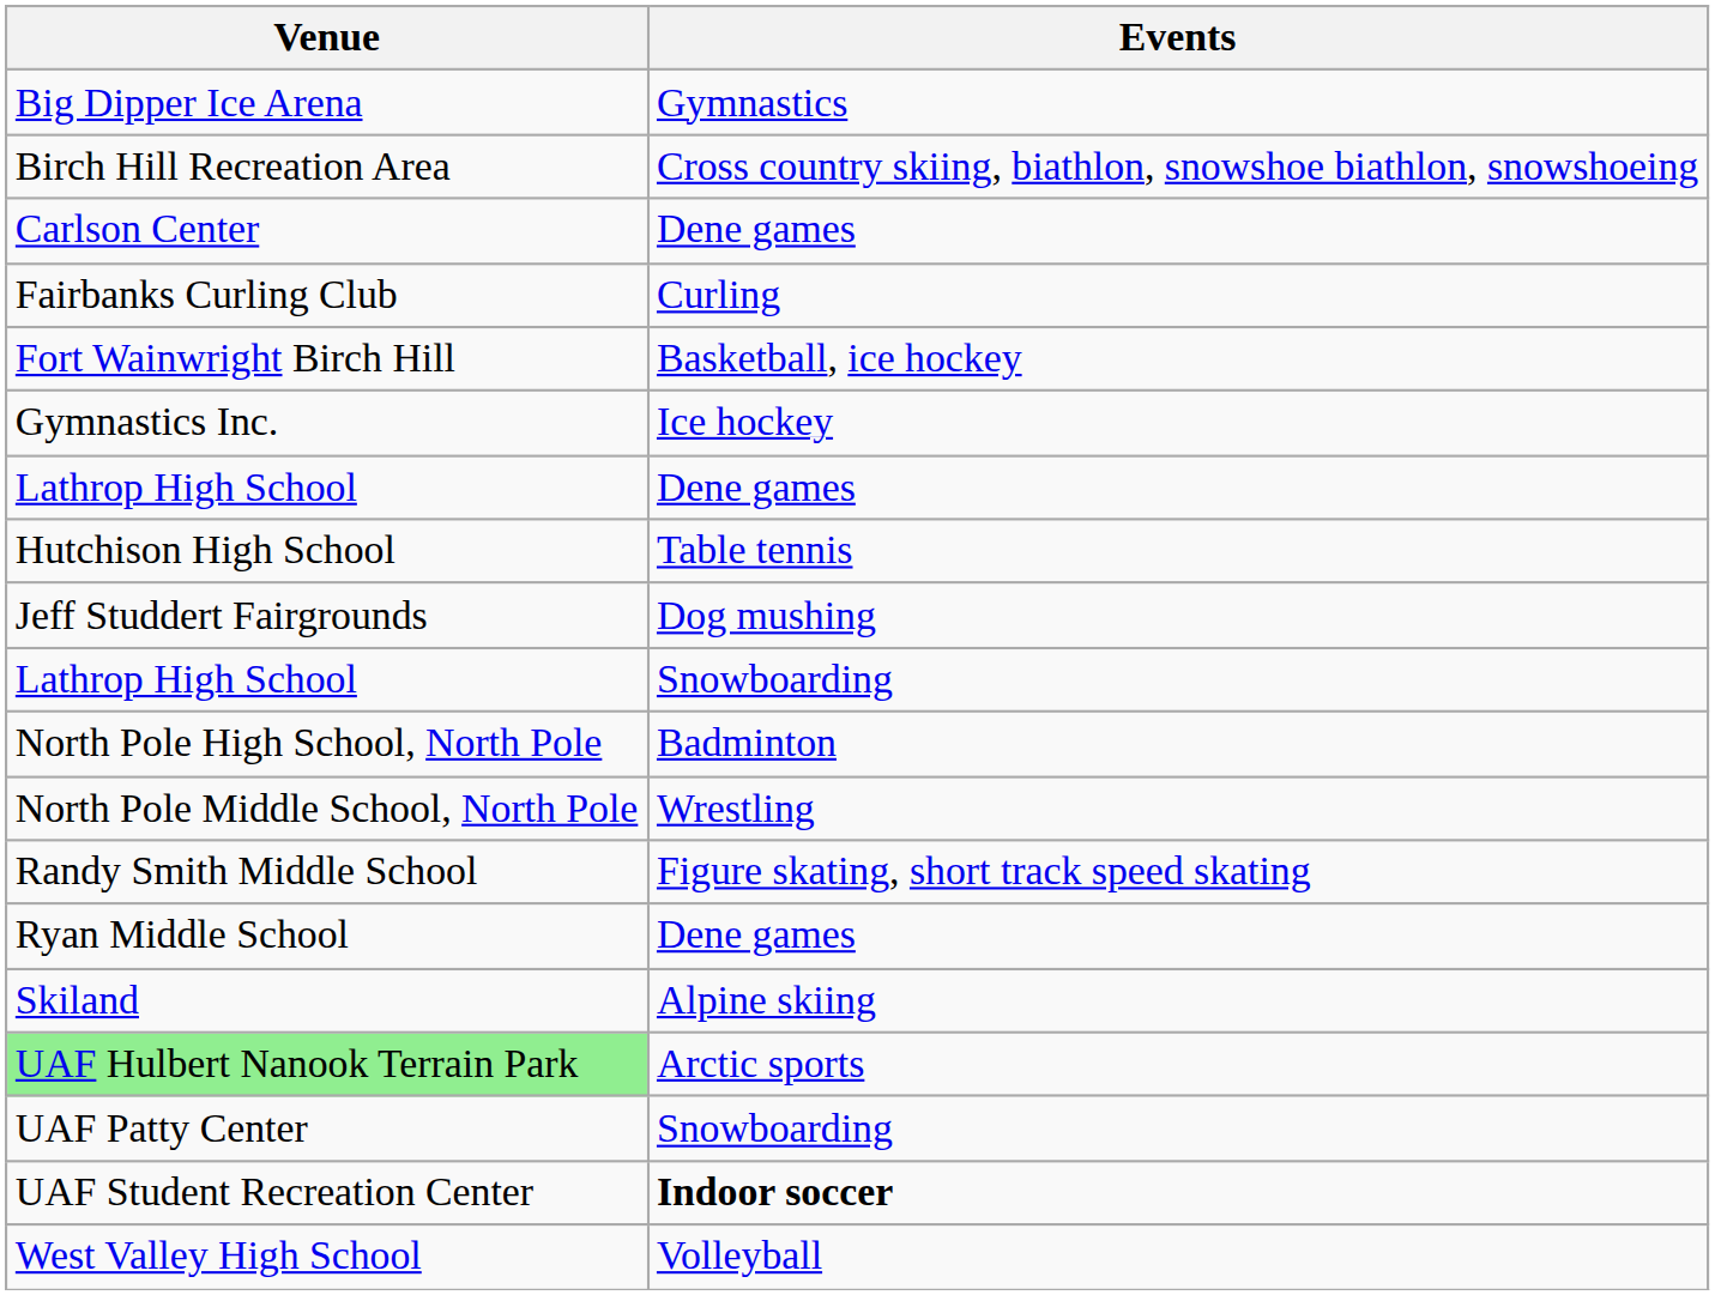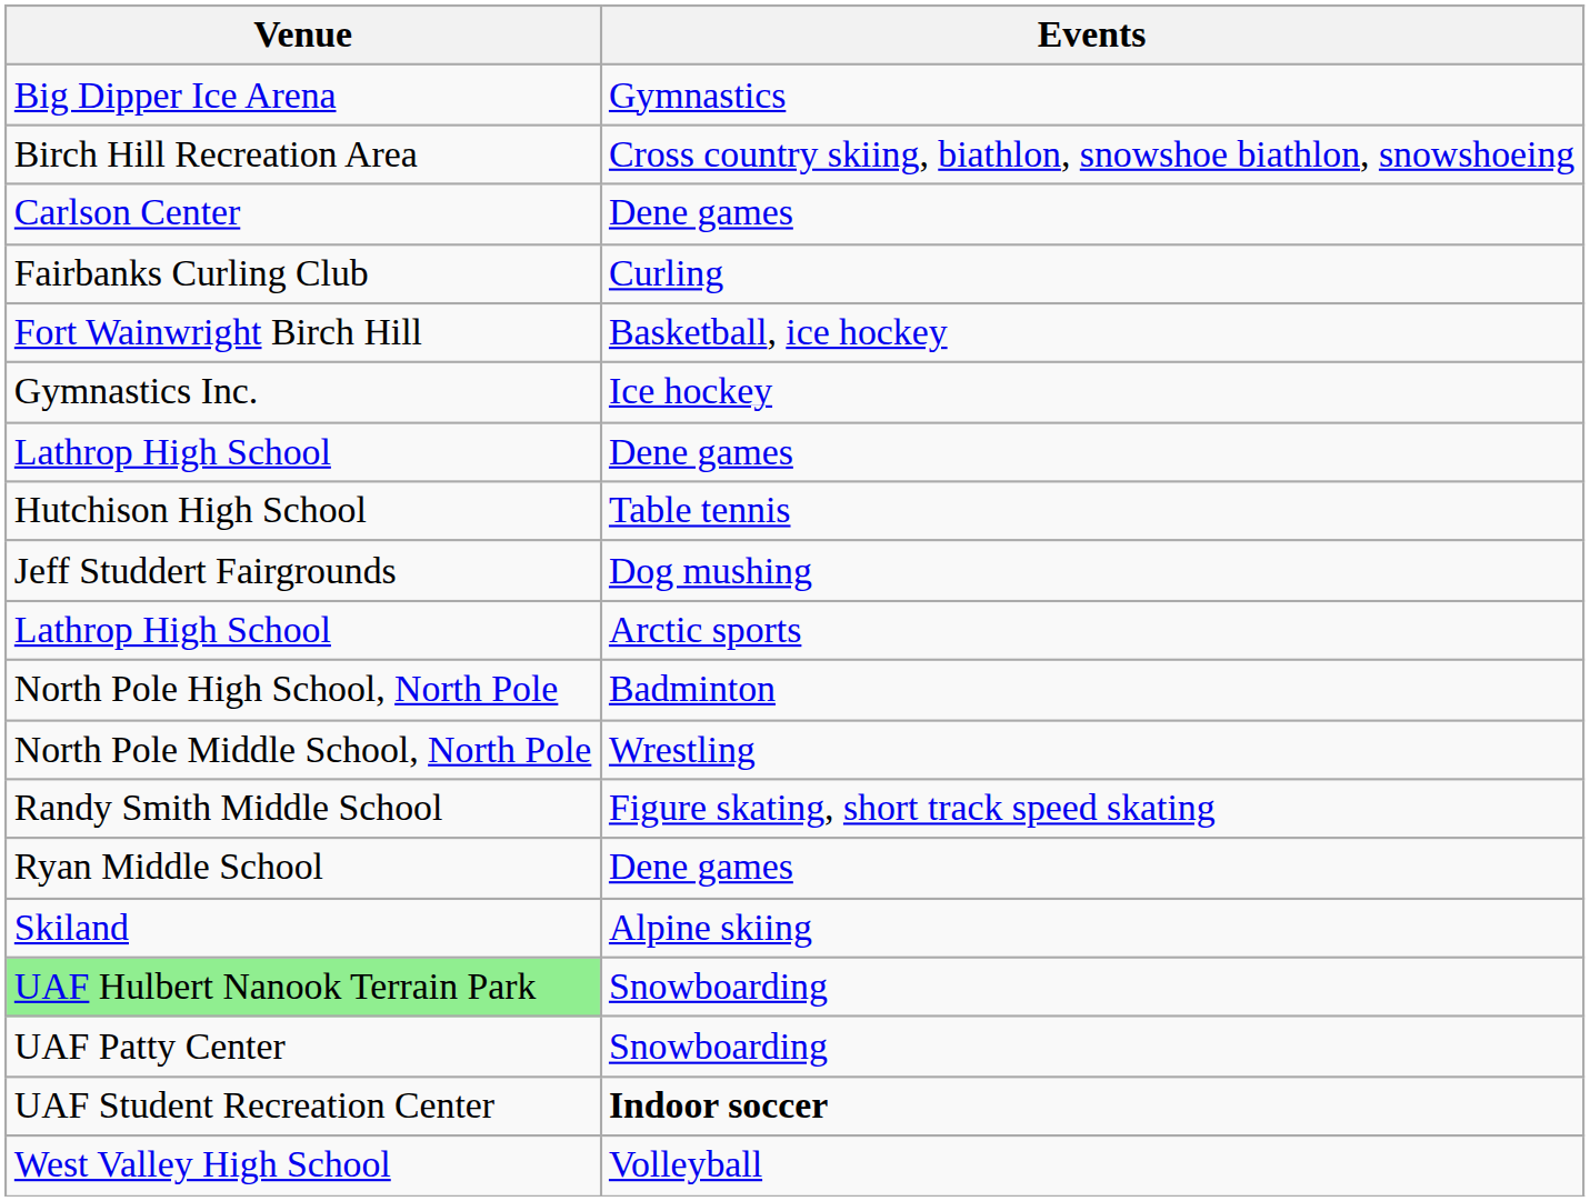 <table class="sortable wikitable">
 <tr>
 <th>Venue</th>
 <th>Events</th>
 </tr>
 <tr>
 <td><a href='#'>Big Dipper Ice Arena</a></td>
 <td><a href='#'>Gymnastics</a></td>
 </tr>
 <tr>
 <td>Birch Hill Recreation Area</td>
 <td><a href='#'>Cross country skiing</a>, <a href='#'>biathlon</a>, <a href='#'>snowshoe biathlon</a>, <a href='#'>snowshoeing</a></td>
 </tr>
 <tr>
 <td><a href='#'>Carlson Center</a></td>
 <td><a href='#'>Dene games</a></td>
 </tr>
 <tr>
 <td>Fairbanks Curling Club</td>
 <td><a href='#'>Curling</a></td>
 </tr>
 <tr>
 <td><a href='#'>Fort Wainwright</a> Birch Hill</td>
 <td><a href='#'>Basketball</a>, <a href='#'>ice hockey</a></td>
 </tr>
 <tr>
 <td>Gymnastics Inc.</td>
 <td><a href='#'>Ice hockey</a></td>
 </tr>
 <tr>
 <td><a href='#'>Lathrop High School</a></td>
 <td><a href='#'>Dene games</a></td>
 </tr>
 <tr>
 <td>Hutchison High School</td>
 <td><a href='#'>Table tennis</a></td>
 </tr>
 <tr>
 <td>Jeff Studdert Fairgrounds</td>
 <td><a href='#'>Dog mushing</a></td>
 </tr>
 <tr>
 <td><a href='#'>Lathrop High School</a></td>
-<td><a href='#'>Snowboarding</a></td>
+<td><a href='#'>Arctic sports</a></td>
 </tr>
 <tr>
 <td>North Pole High School, <a href='#'>North Pole</a></td>
 <td><a href='#'>Badminton</a></td>
 </tr>
 <tr>
 <td>North Pole Middle School, <a href='#'>North Pole</a></td>
 <td><a href='#'>Wrestling</a></td>
 </tr>
 <tr>
 <td>Randy Smith Middle School</td>
 <td><a href='#'>Figure skating</a>, <a href='#'>short track speed skating</a></td>
 </tr>
 <tr>
 <td>Ryan Middle School</td>
 <td><a href='#'>Dene games</a></td>
 </tr>
 <tr>
 <td><a href='#'>Skiland</a></td>
 <td><a href='#'>Alpine skiing</a></td>
 </tr>
 <tr>
 <td style="background: lightgreen;"><a href='#'>UAF</a> Hulbert Nanook Terrain Park</td>
-<td><a href='#'>Arctic sports</a></td>
+<td><a href='#'>Snowboarding</a></td>
 </tr>
 <tr>
 <td>UAF Patty Center</td>
 <td><a href='#'>Snowboarding</a></td>
 </tr>
 <tr>
 <td>UAF Student Recreation Center</td>
 <td><strong>Indoor soccer</strong></td>
 </tr>
 <tr>
 <td><a href='#'>West Valley High School</a></td>
 <td><a href='#'>Volleyball</a></td>
 </tr>
 <tr>
 </tr>
 </table>
